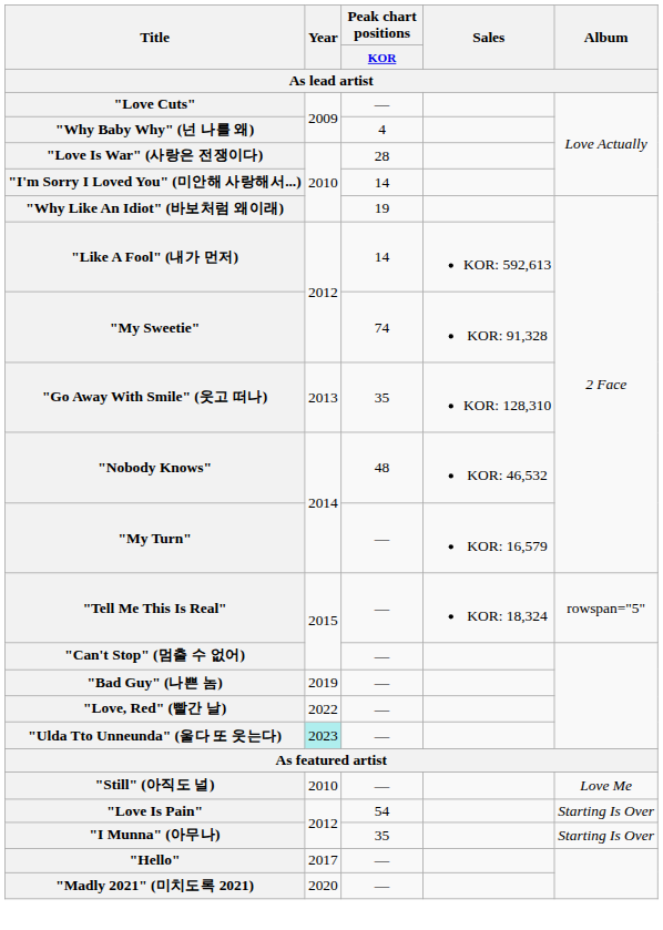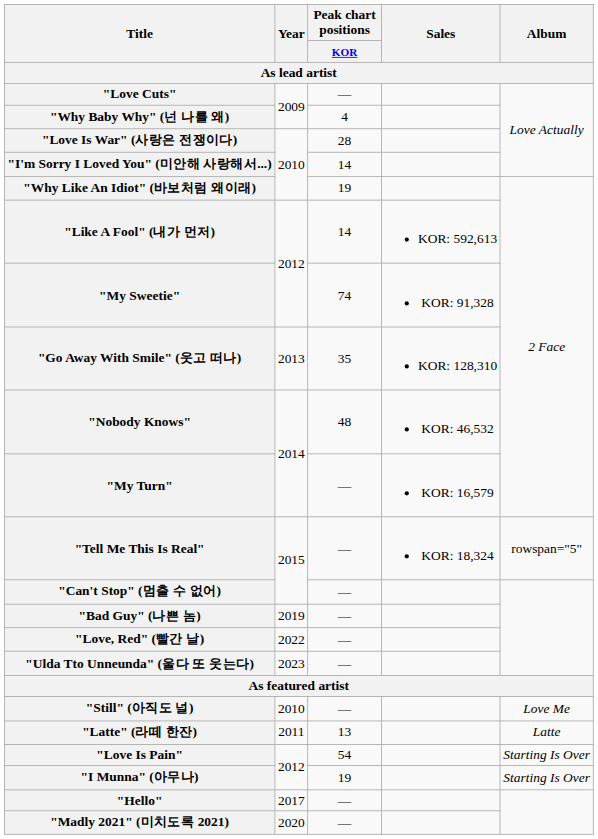 <table class="wikitable plainrowheaders" style="text-align:center;">
 <tr>
 <th scope="col" rowspan="2">Title</th>
 <th scope="col" rowspan="2">Year</th>
 <th scope="col" colspan="1" style="width:5em;">Peak chart positions</th>
 <th scope="col" rowspan="2">Sales</th>
 <th scope="col" rowspan="2">Album</th>
 </tr>
 <tr>
 <th><small><a href='#'>KOR</a></small><br></th>
 </tr>
 <tr>
 <th colspan="5">As lead artist</th>
 </tr>
 <tr>
 <th scope="row">"Love Cuts" </th>
 <td rowspan="2">2009</td>
 <td>—</td>
 <td></td>
 <td rowspan="4"><em>Love Actually</em></td>
 </tr>
 <tr>
 <th scope="row">"Why Baby Why" (넌 나를 왜) </th>
 <td>4</td>
 <td></td>
 </tr>
 <tr>
 <th scope="row">"Love Is War" (사랑은 전쟁이다) </th>
 <td rowspan="3">2010</td>
 <td>28</td>
 <td></td>
 </tr>
 <tr>
 <th scope="row">"I'm Sorry I Loved You" (미안해 사랑해서...) </th>
 <td>14</td>
 <td></td>
 </tr>
 <tr>
 <th scope="row">"Why Like An Idiot" (바보처럼 왜이래) </th>
 <td>19</td>
 <td></td>
 <td rowspan="6"><em>2 Face</em></td>
 </tr>
 <tr>
 <th scope="row">"Like A Fool" (내가 먼저) </th>
 <td rowspan="2">2012</td>
 <td>14</td>
 <td><br><ul><li>KOR: 592,613</li></ul></td>
 </tr>
 <tr>
 <th scope="row">"My Sweetie"</th>
 <td>74</td>
 <td><br><ul><li>KOR: 91,328</li></ul></td>
 </tr>
 <tr>
 <th scope="row">"Go Away With Smile" (웃고 떠나) </th>
 <td>2013</td>
 <td>35</td>
 <td><br><ul><li>KOR: 128,310</li></ul></td>
 </tr>
 <tr>
 <th scope="row">"Nobody Knows"</th>
 <td rowspan="2">2014</td>
 <td>48</td>
 <td><br><ul><li>KOR: 46,532</li></ul></td>
 </tr>
 <tr>
 <th scope="row">"My Turn"</th>
 <td>—</td>
 <td><br><ul><li>KOR: 16,579</li></ul></td>
 </tr>
 <tr>
 <th scope="row">"Tell Me This Is Real"</th>
 <td rowspan="2">2015</td>
 <td>—</td>
 <td><br><ul><li>KOR: 18,324</li></ul></td>
 <td>rowspan="5" </td>
 </tr>
 <tr>
 <th scope="row">"Can't Stop" (멈출 수 없어)</th>
 <td>—</td>
 <td></td>
 </tr>
 <tr>
 <th scope="row">"Bad Guy" (나쁜 놈)</th>
 <td>2019</td>
 <td>—</td>
 <td></td>
 </tr>
 <tr>
 <th scope="row">"Love, Red" (빨간 날) </th>
 <td>2022</td>
 <td>—</td>
 <td></td>
 </tr>
 <tr>
 <th scope="row">"Ulda Tto Unneunda" (울다 또 웃는다)</th>
-<td style="background: paleturquoise;">2023</td>
+<td>2023</td>
 <td>—</td>
 <td></td>
 </tr>
 <tr>
 <th colspan="5">As featured artist</th>
 </tr>
 <tr>
 <th scope="row">"Still" (아직도 널) </th>
 <td>2010</td>
 <td>—</td>
 <td></td>
 <td><em>Love Me</em></td>
 </tr>
 <tr>
+<th scope="row">"Latte" (라떼 한잔) </th>
+<td>2011</td>
+<td>13</td>
+<td></td>
+<td><em>Latte</em></td>
+</tr>
+<tr>
 <th scope="row">"Love Is Pain" </th>
 <td rowspan="2">2012</td>
 <td>54</td>
 <td></td>
 <td><em>Starting Is Over</em></td>
 </tr>
 <tr>
 <th scope="row">"I Munna" (아무나) </th>
-<td>35</td>
+<td>19</td>
 <td></td>
 <td><em>Starting Is Over</em></td>
 </tr>
 <tr>
 <th scope="row">"Hello" </th>
 <td>2017</td>
 <td>—</td>
 <td></td>
 </tr>
 <tr>
 <th scope="row">"Madly 2021" (미치도록 2021) </th>
 <td>2020</td>
 <td>—</td>
 <td></td>
 </tr>
 </table>
